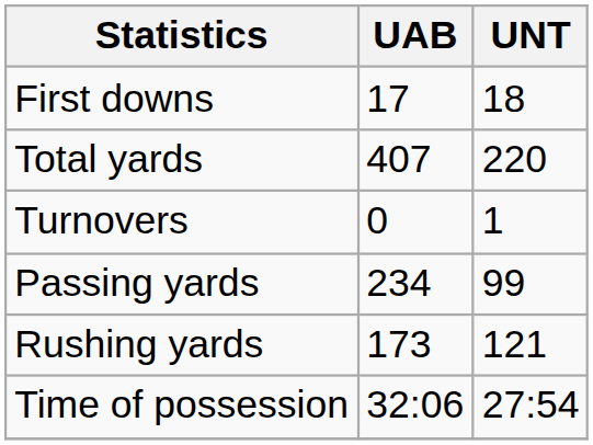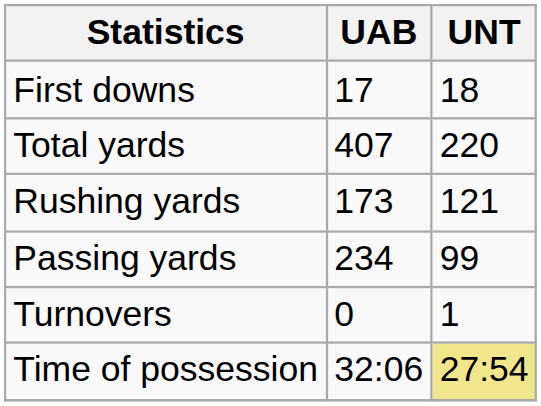 <table class="wikitable">
 <tr>
 <th>Statistics</th>
 <th>UAB</th>
 <th>UNT</th>
 </tr>
 <tr>
 <td>First downs</td>
 <td>17</td>
 <td>18</td>
 </tr>
 <tr>
 <td>Total yards</td>
 <td>407</td>
 <td>220</td>
 </tr>
 <tr>
-<td>Turnovers</td>
-<td>0</td>
-<td>1</td>
+<td>Rushing yards</td>
+<td>173</td>
+<td>121</td>
 </tr>
 <tr>
 <td>Passing yards</td>
 <td>234</td>
 <td>99</td>
 </tr>
 <tr>
-<td>Rushing yards</td>
-<td>173</td>
-<td>121</td>
+<td>Turnovers</td>
+<td>0</td>
+<td>1</td>
 </tr>
 <tr>
 <td>Time of possession</td>
 <td>32:06</td>
-<td>27:54</td>
+<td style="background: khaki;">27:54</td>
 </tr>
 <tr>
 </tr>
 </table>
